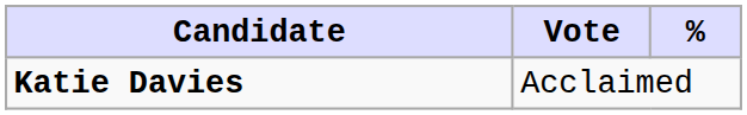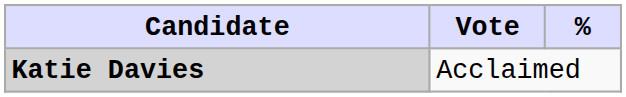 <table class="wikitable">
 <tr>
 <th style="background:#ddf; width:200px;">Candidate</th>
 <th style="background:#ddf; width:50px;">Vote</th>
 <th style="background:#ddf; width:30px;">%</th>
 </tr>
 <tr>
-<td><strong>Katie Davies</strong></td>
+<td style="background: lightgrey;"><strong>Katie Davies</strong></td>
 <td colspan="2">Acclaimed</td>
 </tr>
 </table>
